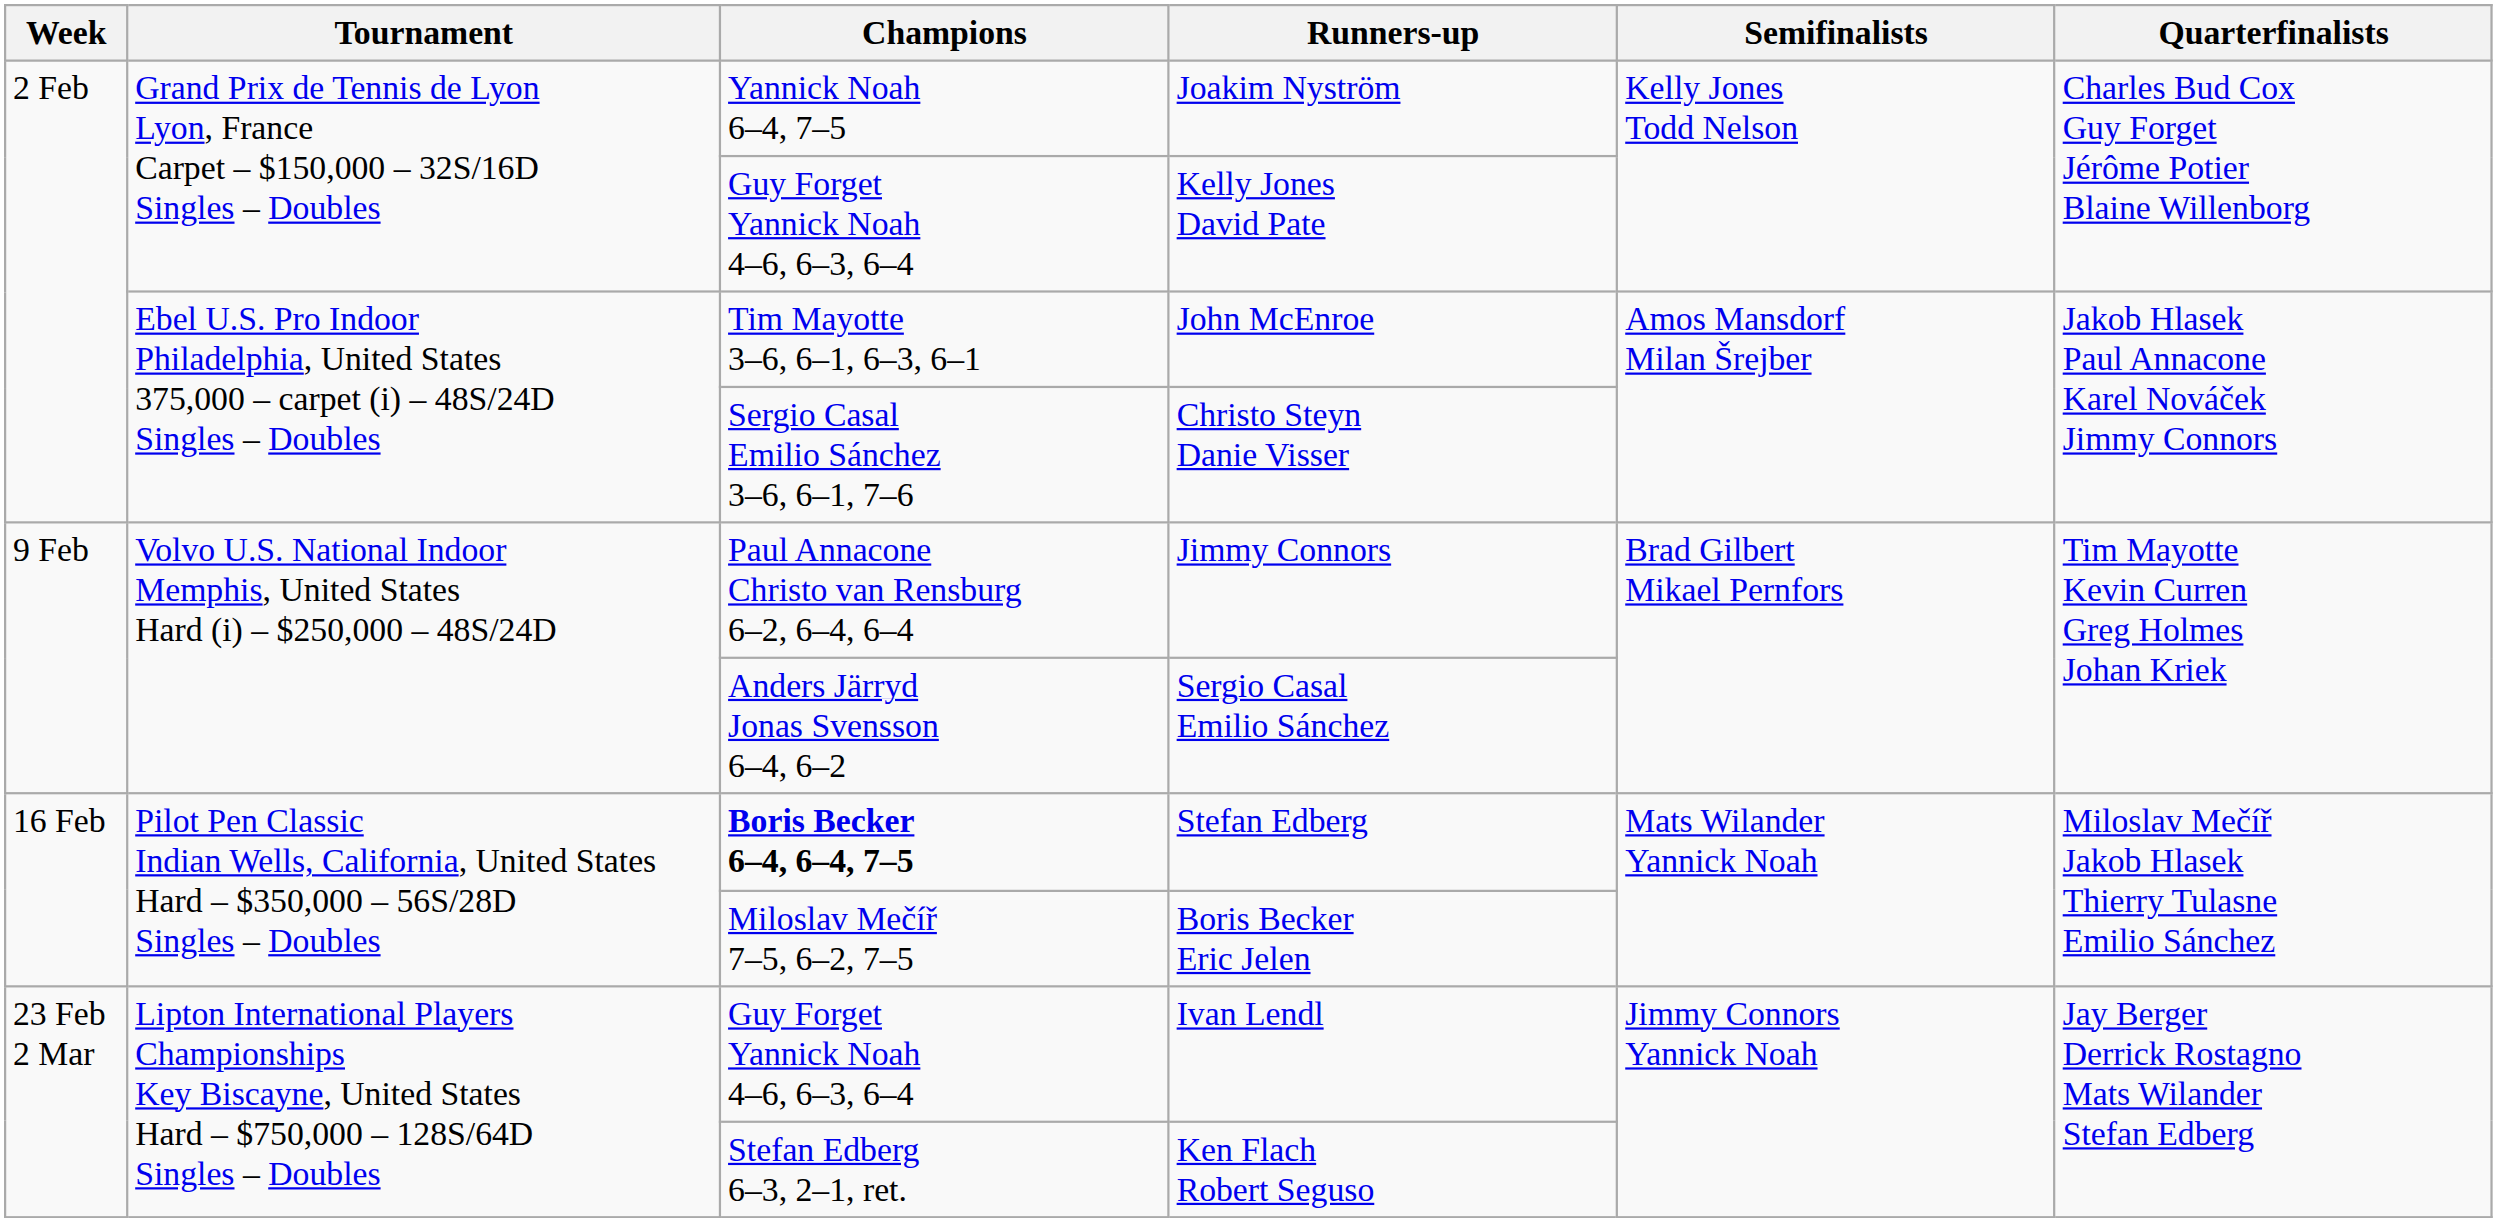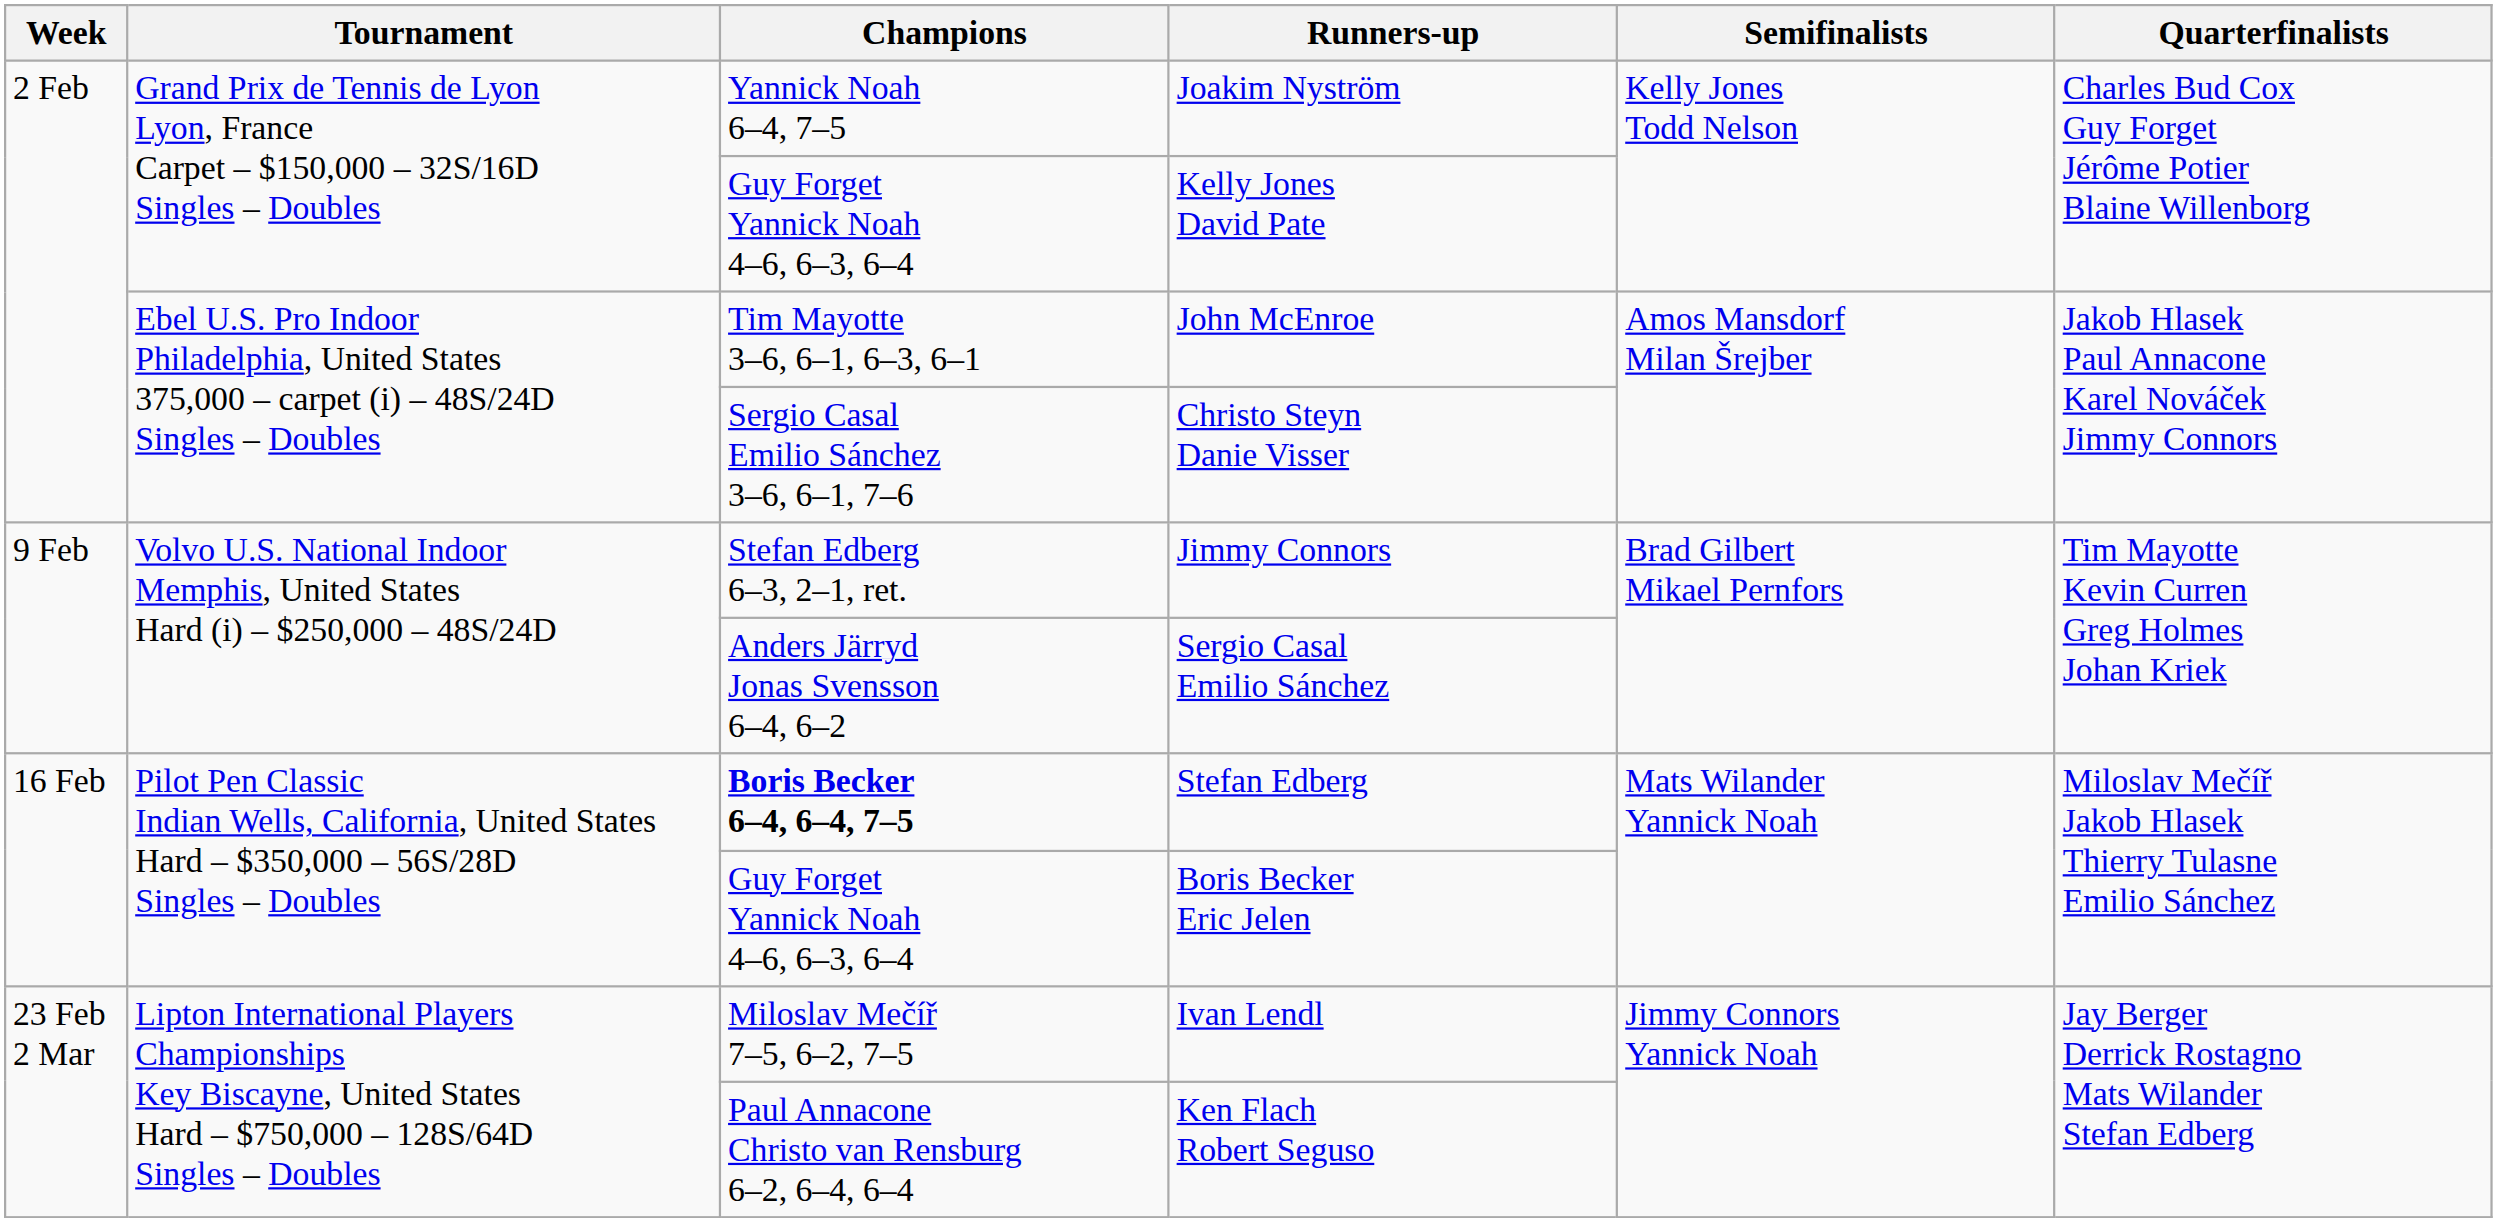 <table class=wikitable style=font-size:95%>
 <tr>
 <th style="width:48px;">Week</th>
 <th style="width:260px;">Tournament</th>
 <th style="width:195px;">Champions</th>
 <th style="width:195px;">Runners-up</th>
 <th style="width:190px;">Semifinalists</th>
 <th style="width:190px;">Quarterfinalists</th>
 </tr>
 <tr valign=top>
 <td rowspan="4">2 Feb</td>
 <td rowspan="2"><a href='#'>Grand Prix de Tennis de Lyon</a><br> <a href='#'>Lyon</a>, France<br>Carpet – $150,000 – 32S/16D <br> <a href='#'>Singles</a> – <a href='#'>Doubles</a></td>
 <td> <a href='#'>Yannick Noah</a><br>6–4, 7–5</td>
 <td> <a href='#'>Joakim Nyström</a></td>
 <td rowspan="2"> <a href='#'>Kelly Jones</a><br> <a href='#'>Todd Nelson</a></td>
 <td rowspan="2"> <a href='#'>Charles Bud Cox</a><br> <a href='#'>Guy Forget</a><br> <a href='#'>Jérôme Potier</a><br> <a href='#'>Blaine Willenborg</a></td>
 </tr>
 <tr valign=top>
 <td> <a href='#'>Guy Forget</a><br> <a href='#'>Yannick Noah</a> <br> 4–6, 6–3, 6–4</td>
 <td> <a href='#'>Kelly Jones</a> <br>  <a href='#'>David Pate</a></td>
 </tr>
 <tr valign=top>
 <td rowspan="2"><a href='#'>Ebel U.S. Pro Indoor</a><br> <a href='#'>Philadelphia</a>, United States<br>375,000 – carpet (i) – 48S/24D <br> <a href='#'>Singles</a> – <a href='#'>Doubles</a></td>
 <td> <a href='#'>Tim Mayotte</a> <br> 3–6, 6–1, 6–3, 6–1</td>
 <td> <a href='#'>John McEnroe</a></td>
 <td rowspan="2"> <a href='#'>Amos Mansdorf</a> <br>  <a href='#'>Milan Šrejber</a></td>
 <td rowspan="2"> <a href='#'>Jakob Hlasek</a> <br>  <a href='#'>Paul Annacone</a> <br>  <a href='#'>Karel Nováček</a> <br>  <a href='#'>Jimmy Connors</a></td>
 </tr>
 <tr valign=top>
 <td> <a href='#'>Sergio Casal</a><br> <a href='#'>Emilio Sánchez</a> <br> 3–6, 6–1, 7–6</td>
 <td> <a href='#'>Christo Steyn</a> <br>  <a href='#'>Danie Visser</a></td>
 </tr>
 <tr valign=top>
 <td rowspan="2">9 Feb</td>
 <td rowspan="2"><a href='#'>Volvo U.S. National Indoor</a><br> <a href='#'>Memphis</a>, United States<br>Hard (i) – $250,000 – 48S/24D</td>
-<td> <a href='#'>Paul Annacone</a><br> <a href='#'>Christo van Rensburg</a><br>6–2, 6–4, 6–4</td>
+<td> <a href='#'>Stefan Edberg</a> <br> 6–3, 2–1, ret.</td>
 <td> <a href='#'>Jimmy Connors</a></td>
 <td rowspan="2"> <a href='#'>Brad Gilbert</a> <br>  <a href='#'>Mikael Pernfors</a></td>
 <td rowspan="2"> <a href='#'>Tim Mayotte</a> <br>  <a href='#'>Kevin Curren</a> <br>  <a href='#'>Greg Holmes</a> <br>  <a href='#'>Johan Kriek</a></td>
 </tr>
 <tr valign=top>
 <td> <a href='#'>Anders Järryd</a><br> <a href='#'>Jonas Svensson</a> <br> 6–4, 6–2</td>
 <td> <a href='#'>Sergio Casal</a> <br>  <a href='#'>Emilio Sánchez</a></td>
 </tr>
 <tr valign=top>
 <td rowspan="2">16 Feb</td>
 <td rowspan="2"><a href='#'>Pilot Pen Classic</a><br> <a href='#'>Indian Wells, California</a>, United States<br>Hard – $350,000 – 56S/28D <br> <a href='#'>Singles</a> –  <a href='#'>Doubles</a></td>
 <td><strong> <a href='#'>Boris Becker</a> <br> 6–4, 6–4, 7–5</strong></td>
 <td> <a href='#'>Stefan Edberg</a></td>
 <td rowspan="2"> <a href='#'>Mats Wilander</a> <br>  <a href='#'>Yannick Noah</a></td>
 <td rowspan="2"> <a href='#'>Miloslav Mečíř</a> <br>  <a href='#'>Jakob Hlasek</a> <br>  <a href='#'>Thierry Tulasne</a> <br>  <a href='#'>Emilio Sánchez</a></td>
 </tr>
 <tr valign=top>
-<td> <a href='#'>Miloslav Mečíř</a><br>7–5, 6–2, 7–5</td>
+<td> <a href='#'>Guy Forget</a><br> <a href='#'>Yannick Noah</a><br>4–6, 6–3, 6–4</td>
 <td> <a href='#'>Boris Becker</a><br> <a href='#'>Eric Jelen</a></td>
 </tr>
 <tr valign=top>
 <td rowspan="2">23 Feb<br>2 Mar</td>
 <td rowspan="2"><a href='#'>Lipton International Players <br> Championships</a><br> <a href='#'>Key Biscayne</a>, United States<br>Hard – $750,000 – 128S/64D<br><a href='#'>Singles</a> – <a href='#'>Doubles</a></td>
-<td> <a href='#'>Guy Forget</a><br> <a href='#'>Yannick Noah</a><br>4–6, 6–3, 6–4</td>
+<td> <a href='#'>Miloslav Mečíř</a><br>7–5, 6–2, 7–5</td>
 <td> <a href='#'>Ivan Lendl</a></td>
 <td rowspan="2"> <a href='#'>Jimmy Connors</a> <br>  <a href='#'>Yannick Noah</a></td>
 <td rowspan="2"> <a href='#'>Jay Berger</a> <br>  <a href='#'>Derrick Rostagno</a> <br>  <a href='#'>Mats Wilander</a> <br>  <a href='#'>Stefan Edberg</a></td>
 </tr>
 <tr valign=top>
-<td> <a href='#'>Stefan Edberg</a> <br> 6–3, 2–1, ret.</td>
+<td> <a href='#'>Paul Annacone</a><br> <a href='#'>Christo van Rensburg</a><br>6–2, 6–4, 6–4</td>
 <td> <a href='#'>Ken Flach</a><br> <a href='#'>Robert Seguso</a></td>
 </tr>
 </table>
